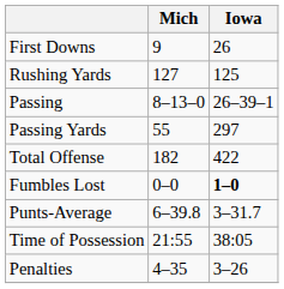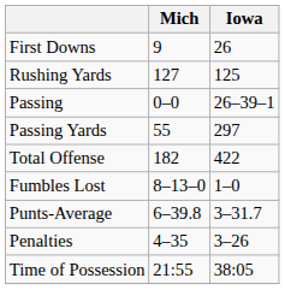 <table class="wikitable">
 <tr>
 <th></th>
 <th>Mich</th>
 <th>Iowa</th>
 </tr>
 <tr>
 <td>First Downs</td>
 <td>9</td>
 <td>26</td>
 </tr>
 <tr>
 <td>Rushing Yards</td>
 <td>127</td>
 <td>125</td>
 </tr>
 <tr>
 <td>Passing</td>
-<td>8–13–0</td>
+<td>0–0</td>
 <td>26–39–1</td>
 </tr>
 <tr>
 <td>Passing Yards</td>
 <td>55</td>
 <td>297</td>
 </tr>
 <tr>
 <td>Total Offense</td>
 <td>182</td>
 <td>422</td>
 </tr>
 <tr>
 <td>Fumbles Lost</td>
-<td>0–0</td>
-<td><strong>1–0</strong></td>
+<td>8–13–0</td>
+<td>1–0</td>
 </tr>
 <tr>
 <td>Punts-Average</td>
 <td>6–39.8</td>
 <td>3–31.7</td>
 </tr>
 <tr>
+<td>Penalties</td>
+<td>4–35</td>
+<td>3–26</td>
+</tr>
+<tr>
 <td>Time of Possession</td>
 <td>21:55</td>
 <td>38:05</td>
 </tr>
 <tr>
-<td>Penalties</td>
-<td>4–35</td>
-<td>3–26</td>
-</tr>
-<tr>
 </tr>
 </table>
